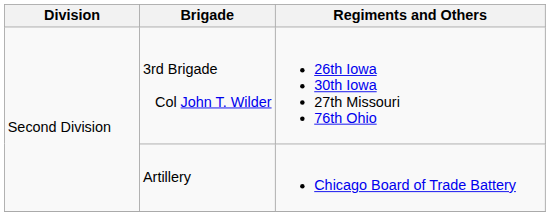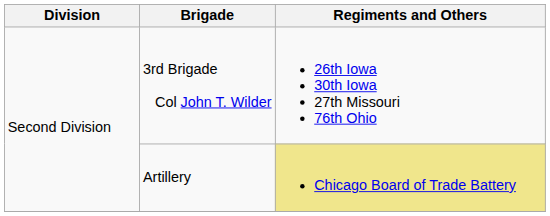 <table class="wikitable">
 <tr>
 <th width=25%>Division</th>
 <th width=25%>Brigade</th>
 <th>Regiments and Others</th>
 </tr>
 <tr>
 <td rowspan=2><br>Second Division</td>
 <td>3rd Brigade<br><br>   Col <a href='#'>John T. Wilder</a></td>
 <td><br><ul><li><a href='#'>26th Iowa</a></li><li><a href='#'>30th Iowa</a></li><li>27th Missouri</li><li><a href='#'>76th Ohio</a></li></ul></td>
 </tr>
 <tr>
 <td>Artillery</td>
-<td><br><ul><li><a href='#'>Chicago Board of Trade Battery</a></li></ul></td>
+<td style="background: khaki;"><br><ul><li><a href='#'>Chicago Board of Trade Battery</a></li></ul></td>
 </tr>
 <tr>
 </tr>
 </table>
